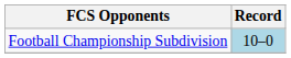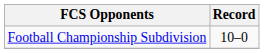 <table class="wikitable">
 <tr>
 <th>FCS Opponents</th>
 <th>Record</th>
 </tr>
 <tr>
 <td><a href='#'>Football Championship Subdivision</a></td>
-<td align=center style="background: lightblue;">10–0</td>
+<td align=center>10–0</td>
 </tr>
 <tr>
 </tr>
 </table>
